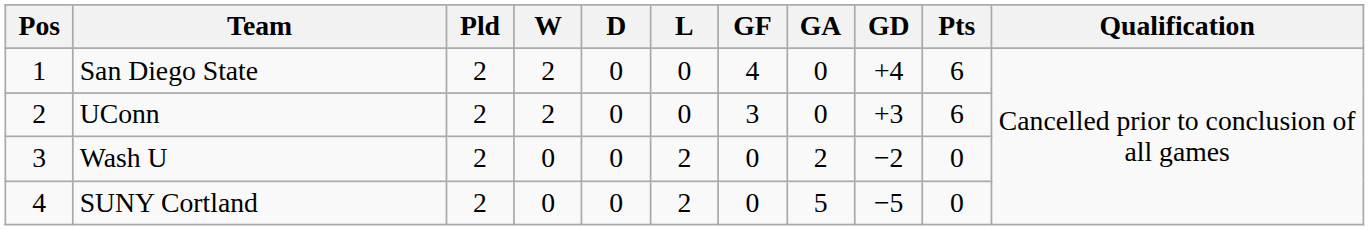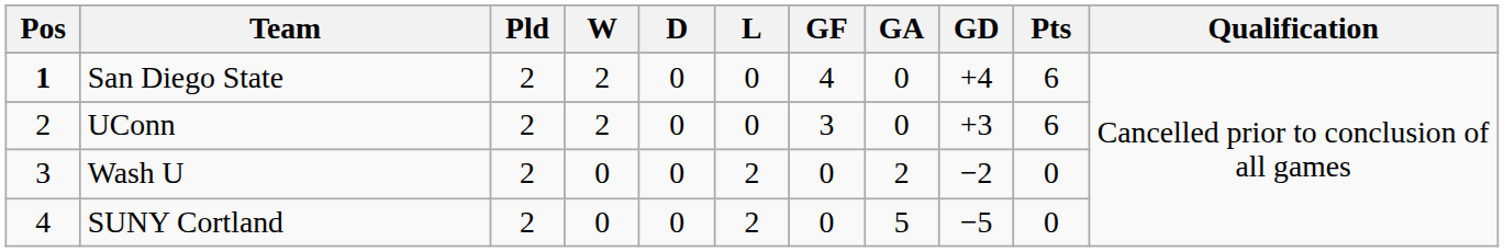 <table class="wikitable" style="text-align:center; margin: 1em auto">
 <tr>
 <th style="width:2em">Pos</th>
 <th style="width:13em">Team</th>
 <th style="width:2em">Pld</th>
 <th style="width:2em">W</th>
 <th style="width:2em">D</th>
 <th style="width:2em">L</th>
 <th style="width:2em">GF</th>
 <th style="width:2em">GA</th>
 <th style="width:2em">GD</th>
 <th style="width:2em">Pts</th>
 <th style="width:13em">Qualification</th>
 </tr>
 <tr>
-<td>1</td>
+<td><strong>1</strong></td>
 <td style="text-align:left">San Diego State</td>
 <td>2</td>
 <td>2</td>
 <td>0</td>
 <td>0</td>
 <td>4</td>
 <td>0</td>
 <td>+4</td>
 <td>6</td>
 <td rowspan="4">Cancelled prior to conclusion of all games</td>
 </tr>
 <tr>
 <td>2</td>
 <td style="text-align:left">UConn</td>
 <td>2</td>
 <td>2</td>
 <td>0</td>
 <td>0</td>
 <td>3</td>
 <td>0</td>
 <td>+3</td>
 <td>6</td>
 </tr>
 <tr>
 <td>3</td>
 <td style="text-align:left">Wash U</td>
 <td>2</td>
 <td>0</td>
 <td>0</td>
 <td>2</td>
 <td>0</td>
 <td>2</td>
 <td>−2</td>
 <td>0</td>
 </tr>
 <tr>
 <td>4</td>
 <td style="text-align:left">SUNY Cortland</td>
 <td>2</td>
 <td>0</td>
 <td>0</td>
 <td>2</td>
 <td>0</td>
 <td>5</td>
 <td>−5</td>
 <td>0</td>
 </tr>
 </table>
